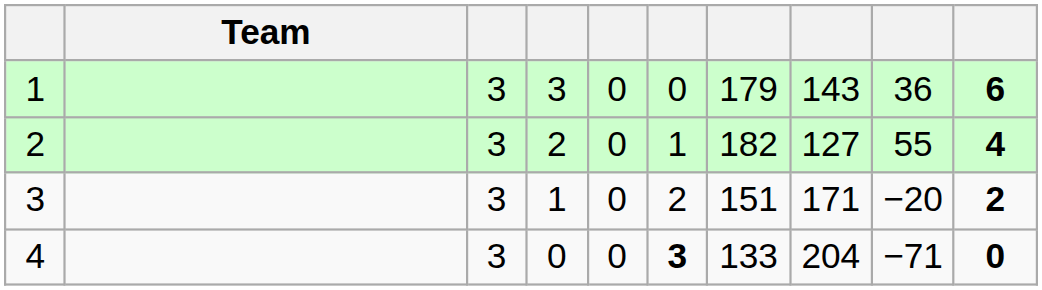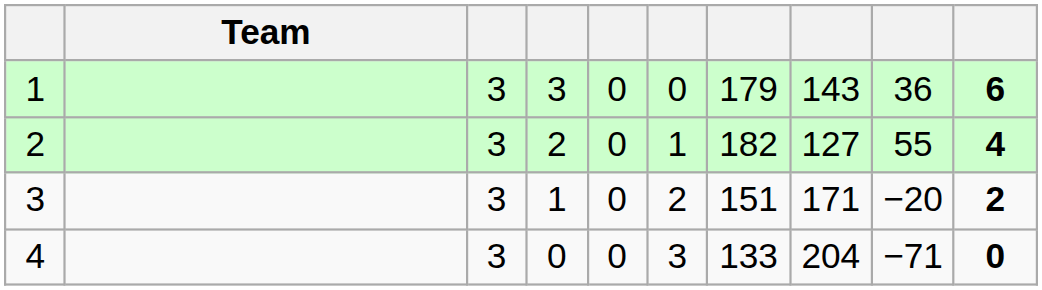 <table class=wikitable style=text-align:center>
 <tr>
 <th width=20 abbr=Position></th>
 <th width=175>Team</th>
 <th width=20 abbr=Played></th>
 <th width=20 abbr=Won></th>
 <th width=20 abbr=Drawn></th>
 <th width=20 abbr=Lost></th>
 <th width=30 abbr=Goal For></th>
 <th width=30 abbr=Goal Against></th>
 <th width=30 abbr=Goal Difference></th>
 <th width=30 abbr=Points></th>
 </tr>
 <tr bgcolor=#CCFFCC>
 <td>1 </td>
 <td align=left></td>
 <td>3</td>
 <td>3</td>
 <td>0</td>
 <td>0</td>
 <td>179</td>
 <td>143</td>
 <td>36</td>
 <td><strong>6</strong></td>
 </tr>
 <tr bgcolor=#CCFFCC>
 <td>2 </td>
 <td align=left></td>
 <td>3</td>
 <td>2</td>
 <td>0</td>
 <td>1</td>
 <td>182</td>
 <td>127</td>
 <td>55</td>
 <td><strong>4</strong></td>
 </tr>
 <tr>
 <td>3 </td>
 <td align=left></td>
 <td>3</td>
 <td>1</td>
 <td>0</td>
 <td>2</td>
 <td>151</td>
 <td>171</td>
 <td>−20</td>
 <td><strong>2</strong></td>
 </tr>
 <tr>
 <td>4 </td>
 <td align=left></td>
 <td>3</td>
 <td>0</td>
 <td>0</td>
-<td><strong>3</strong></td>
+<td>3</td>
 <td>133</td>
 <td>204</td>
 <td>−71</td>
 <td><strong>0</strong></td>
 </tr>
 </table>
